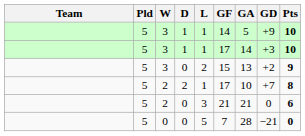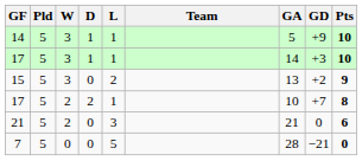 <table class=wikitable style="text-align:center">
 <tr>
-<th width=175>Team</th>
+<th width=20>GF</th>
 <th width=20>Pld</th>
 <th width=20>W</th>
 <th width=20>D</th>
 <th width=20>L</th>
-<th width=20>GF</th>
+<th width=175>Team</th>
 <th width=20>GA</th>
 <th width=20>GD</th>
 <th width=20>Pts</th>
 </tr>
 <tr bgcolor=ccffcc>
-<td align=left></td>
+<td>14</td>
 <td>5</td>
 <td>3</td>
 <td>1</td>
 <td>1</td>
-<td>14</td>
+<td align=left></td>
 <td>5</td>
 <td>+9</td>
 <td><strong>10</strong></td>
 </tr>
 <tr bgcolor=ccffcc>
-<td align=left></td>
+<td>17</td>
 <td>5</td>
 <td>3</td>
 <td>1</td>
 <td>1</td>
-<td>17</td>
+<td align=left></td>
 <td>14</td>
 <td>+3</td>
 <td><strong>10</strong></td>
 </tr>
 <tr>
-<td align=left></td>
+<td>15</td>
 <td>5</td>
 <td>3</td>
 <td>0</td>
 <td>2</td>
-<td>15</td>
+<td align=left></td>
 <td>13</td>
 <td>+2</td>
 <td><strong>9</strong></td>
 </tr>
 <tr>
-<td align=left></td>
+<td>17</td>
 <td>5</td>
 <td>2</td>
 <td>2</td>
 <td>1</td>
-<td>17</td>
+<td align=left></td>
 <td>10</td>
 <td>+7</td>
 <td><strong>8</strong></td>
 </tr>
 <tr>
-<td align=left></td>
+<td>21</td>
 <td>5</td>
 <td>2</td>
 <td>0</td>
 <td>3</td>
-<td>21</td>
+<td align=left></td>
 <td>21</td>
 <td>0</td>
 <td><strong>6</strong></td>
 </tr>
 <tr>
-<td align=left></td>
+<td>7</td>
 <td>5</td>
 <td>0</td>
 <td>0</td>
 <td>5</td>
-<td>7</td>
+<td align=left></td>
 <td>28</td>
 <td>−21</td>
 <td><strong>0</strong></td>
 </tr>
 </table>
